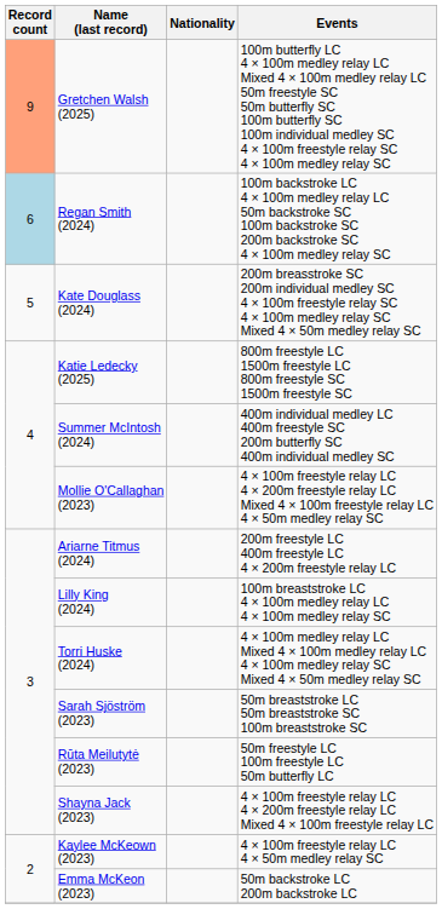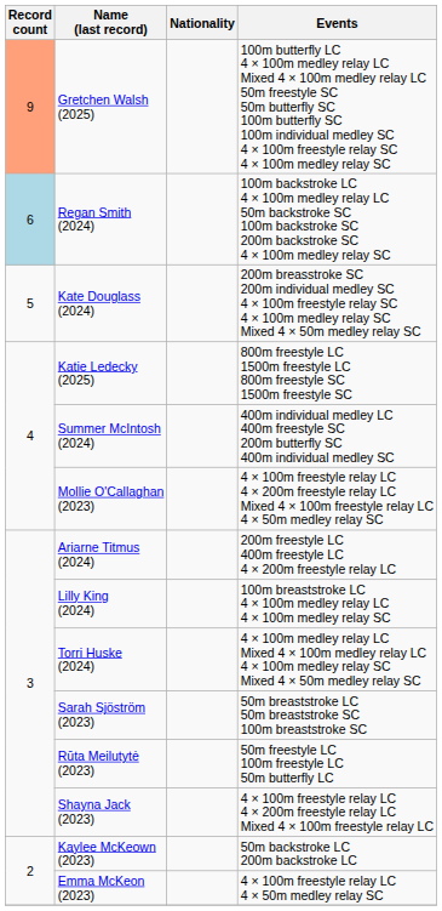 <table class=wikitable style="font-size: 95%;">
 <tr>
 <th>Record <br> count</th>
 <th>Name <br> (last record)</th>
 <th>Nationality</th>
 <th>Events</th>
 </tr>
 <tr>
 <td rowspan="1" style="background: lightsalmon; text-align:center;">9</td>
 <td><a href='#'>Gretchen Walsh</a><br> (2025)</td>
 <td></td>
 <td>100m butterfly LC<br>4 × 100m medley relay LC<br>Mixed 4 × 100m medley relay LC<br>50m freestyle SC<br>50m butterfly SC<br>100m butterfly SC<br>100m individual medley SC<br>4 × 100m freestyle relay SC<br>4 × 100m medley relay SC</td>
 </tr>
 <tr>
 <td rowspan="1" style="background: lightblue; text-align:center;">6</td>
 <td><a href='#'>Regan Smith</a><br> (2024)</td>
 <td></td>
 <td>100m backstroke LC<br>4 × 100m medley relay LC<br>50m backstroke SC<br>100m backstroke SC<br>200m backstroke SC<br>4 × 100m medley relay SC</td>
 </tr>
 <tr>
 <td rowspan="1" style="text-align:center;">5</td>
 <td><a href='#'>Kate Douglass</a><br> (2024)</td>
 <td></td>
 <td>200m breasstroke SC<br>200m individual medley SC<br>4 × 100m freestyle relay SC<br>4 × 100m medley relay SC<br>Mixed 4 × 50m medley relay SC</td>
 </tr>
 <tr>
 <td rowspan="3" style="text-align:center;">4</td>
 <td><a href='#'>Katie Ledecky</a><br> (2025)</td>
 <td></td>
 <td>800m freestyle LC<br>1500m freestyle LC<br>800m freestyle SC<br>1500m freestyle SC</td>
 </tr>
 <tr>
 <td><a href='#'>Summer McIntosh</a><br> (2024)</td>
 <td></td>
 <td>400m individual medley LC<br>400m freestyle SC<br>200m butterfly SC<br>400m individual medley SC</td>
 </tr>
 <tr>
 <td><a href='#'>Mollie O'Callaghan</a><br> (2023)</td>
 <td></td>
 <td>4 × 100m freestyle relay LC<br>4 × 200m freestyle relay LC<br>Mixed 4 × 100m freestyle relay LC<br>4 × 50m medley relay SC</td>
 </tr>
 <tr>
 <td rowspan="6" style="text-align:center;">3</td>
 <td><a href='#'>Ariarne Titmus</a><br> (2024)</td>
 <td></td>
 <td>200m freestyle LC<br>400m freestyle LC<br>4 × 200m freestyle relay LC</td>
 </tr>
 <tr>
 <td><a href='#'>Lilly King</a><br> (2024)</td>
 <td></td>
 <td>100m breaststroke LC<br>4 × 100m medley relay LC<br>4 × 100m medley relay SC</td>
 </tr>
 <tr>
 <td><a href='#'>Torri Huske</a><br> (2024)</td>
 <td></td>
 <td>4 × 100m medley relay LC<br>Mixed 4 × 100m medley relay LC<br>4 × 100m medley relay SC<br>Mixed 4 × 50m medley relay SC</td>
 </tr>
 <tr>
 <td><a href='#'>Sarah Sjöström</a><br> (2023)</td>
 <td></td>
 <td>50m breaststroke LC<br>50m breaststroke SC<br>100m breaststroke SC</td>
 </tr>
 <tr>
 <td><a href='#'>Rūta Meilutytė</a><br> (2023)</td>
 <td></td>
 <td>50m freestyle LC<br>100m freestyle LC<br>50m butterfly LC</td>
 </tr>
 <tr>
 <td><a href='#'>Shayna Jack</a><br> (2023)</td>
 <td></td>
 <td>4 × 100m freestyle relay LC<br>4 × 200m freestyle relay LC<br>Mixed 4 × 100m freestyle relay LC</td>
 </tr>
 <tr>
 <td rowspan="2" style="text-align:center;">2</td>
 <td><a href='#'>Kaylee McKeown</a><br> (2023)</td>
 <td></td>
-<td>4 × 100m freestyle relay LC<br>4 × 50m medley relay SC</td>
+<td>50m backstroke LC<br>200m backstroke LC</td>
 </tr>
 <tr>
 <td><a href='#'>Emma McKeon</a><br> (2023)</td>
 <td></td>
-<td>50m backstroke LC<br>200m backstroke LC</td>
+<td>4 × 100m freestyle relay LC<br>4 × 50m medley relay SC</td>
 </tr>
 <tr>
 </tr>
 </table>
